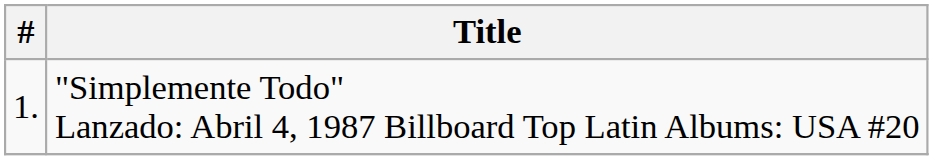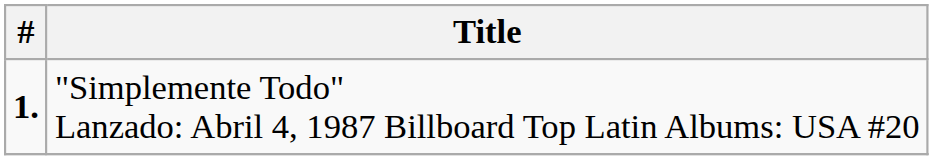 <table class="wikitable">
 <tr>
 <th>#</th>
 <th>Title</th>
 </tr>
 <tr>
-<td>1.</td>
+<td><strong>1.</strong></td>
 <td>"Simplemente Todo"<br>Lanzado: Abril 4, 1987 Billboard Top Latin Albums: USA #20</td>
 </tr>
 <tr>
 </tr>
 </table>
